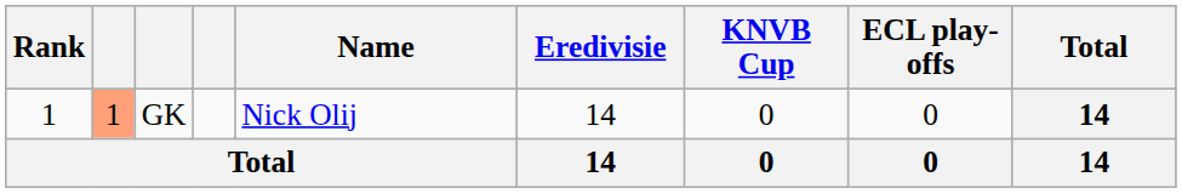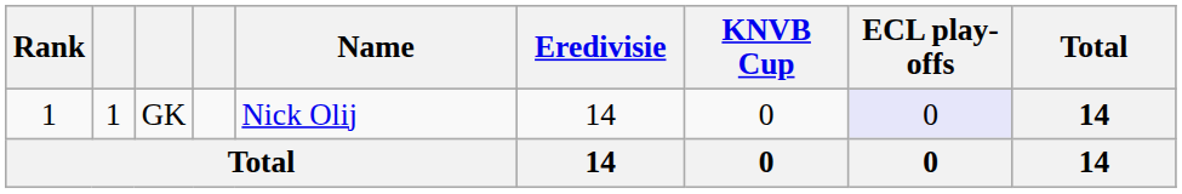 <table class="wikitable" style="text-align:center;">
 <tr>
 <th style="width:15px;">Rank</th>
 <th style="width:15px;"></th>
 <th style="width:15px;"></th>
 <th style="width:15px;"></th>
 <th style="width:145px;">Name</th>
 <th style="width:80px;"><a href='#'>Eredivisie</a></th>
 <th style="width:80px;"><a href='#'>KNVB Cup</a></th>
 <th style="width:80px;">ECL play-offs</th>
 <th style="width:80px;">Total</th>
 </tr>
 <tr>
 <td rowspan=1>1</td>
-<td style="background: lightsalmon;">1</td>
+<td>1</td>
 <td>GK</td>
 <td></td>
 <td align="left"><a href='#'>Nick Olij</a></td>
 <td>14</td>
 <td>0</td>
-<td>0</td>
+<td style="background: lavender;">0</td>
 <th>14</th>
 </tr>
 <tr>
 <th colspan="5">Total</th>
 <th>14</th>
 <th>0</th>
 <th>0</th>
 <th>14</th>
 </tr>
 </table>
